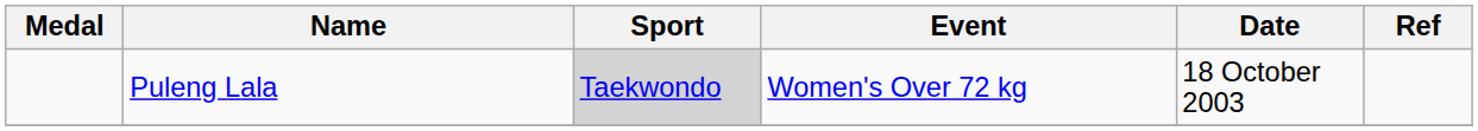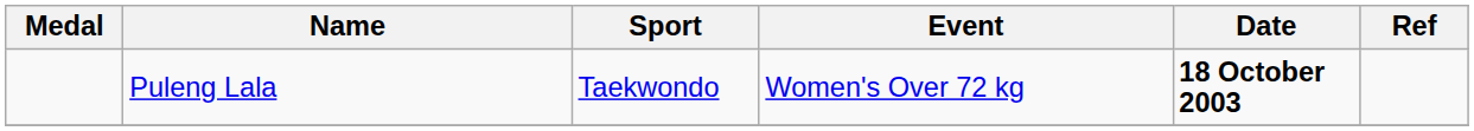 <table class="wikitable sortable" style="font-size:100%">
 <tr>
 <th width="60">Medal</th>
 <th width="250">Name</th>
 <th width="100">Sport</th>
 <th width="230">Event</th>
 <th width="100">Date</th>
 <th width="55">Ref</th>
 </tr>
 <tr>
 <td></td>
 <td><a href='#'>Puleng Lala</a></td>
-<td style="background: lightgrey;"><a href='#'>Taekwondo</a></td>
+<td><a href='#'>Taekwondo</a></td>
 <td><a href='#'>Women's Over 72 kg</a></td>
-<td>18 October 2003</td>
+<td><strong>18 October 2003</strong></td>
 <td></td>
 </tr>
 <tr>
 </tr>
 </table>
